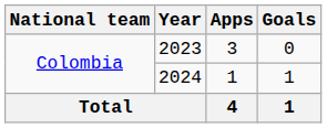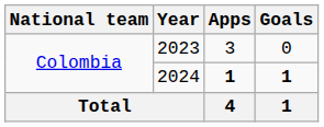 <table class=wikitable style=text-align:center>
 <tr>
 <th>National team</th>
 <th>Year</th>
 <th>Apps</th>
 <th>Goals</th>
 </tr>
 <tr>
 <td rowspan="2"><a href='#'>Colombia</a></td>
 <td>2023</td>
 <td>3</td>
 <td>0</td>
 </tr>
 <tr>
 <td>2024</td>
-<td>1</td>
-<td>1</td>
+<td><strong>1</strong></td>
+<td><strong>1</strong></td>
 </tr>
 <tr>
 <th colspan="2">Total</th>
 <th>4</th>
 <th>1</th>
 </tr>
 </table>
